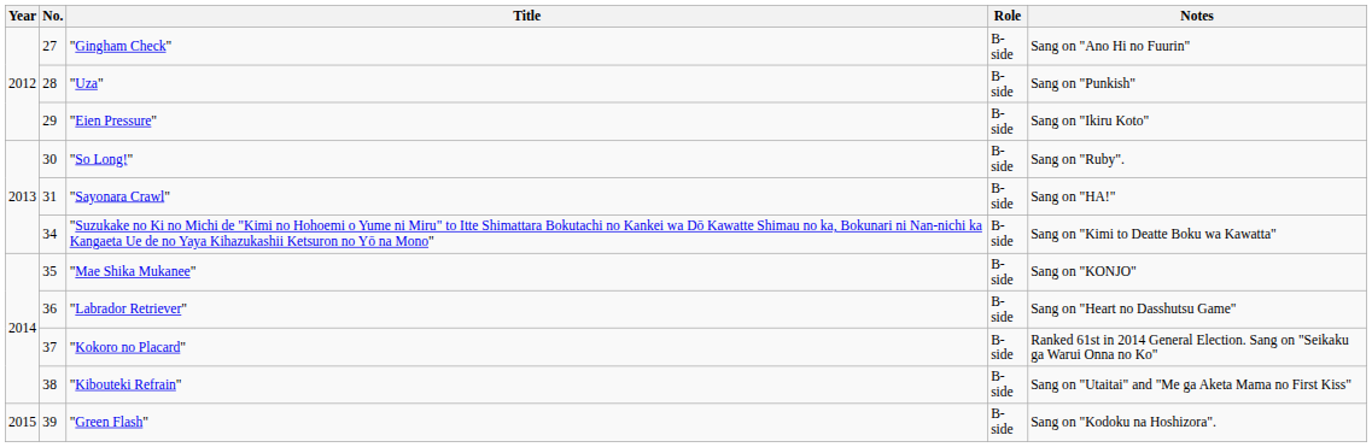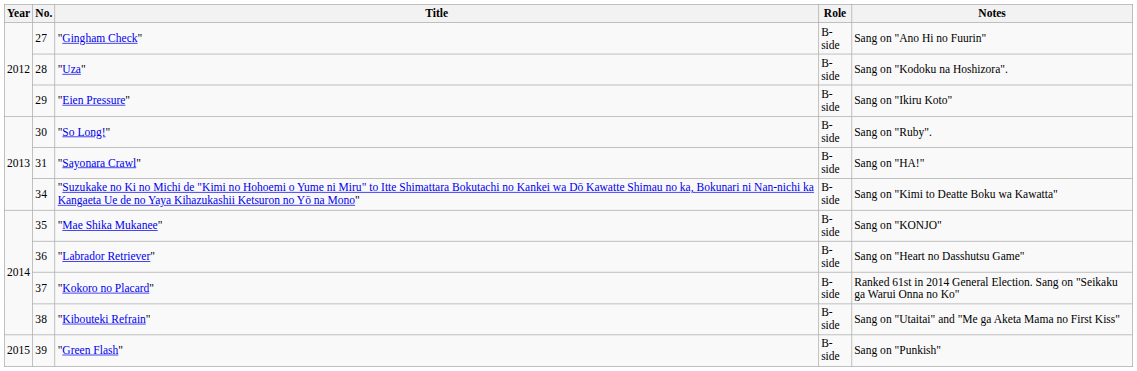 <table class="wikitable sortable">
 <tr>
 <th>Year</th>
 <th data-sort-type="number">No. </th>
 <th>Title </th>
 <th>Role </th>
 <th class="unsortable">Notes </th>
 </tr>
 <tr>
 <td rowspan="3">2012</td>
 <td>27</td>
 <td>"<a href='#'>Gingham Check</a>"</td>
 <td>B-side</td>
 <td>Sang on "Ano Hi no Fuurin"</td>
 </tr>
 <tr>
 <td>28</td>
 <td>"<a href='#'>Uza</a>"</td>
 <td>B-side</td>
-<td>Sang on "Punkish"</td>
+<td>Sang on "Kodoku na Hoshizora".</td>
 </tr>
 <tr>
 <td>29</td>
 <td>"<a href='#'>Eien Pressure</a>"</td>
 <td>B-side</td>
 <td>Sang on "Ikiru Koto"</td>
 </tr>
 <tr>
 <td rowspan="3">2013</td>
 <td>30</td>
 <td>"<a href='#'>So Long!</a>"</td>
 <td>B-side</td>
 <td>Sang on "Ruby".</td>
 </tr>
 <tr>
 <td>31</td>
 <td>"<a href='#'>Sayonara Crawl</a>"</td>
 <td>B-side</td>
 <td>Sang on "HA!"</td>
 </tr>
 <tr>
 <td>34</td>
 <td>"<a href='#'>Suzukake no Ki no Michi de "Kimi no Hohoemi o Yume ni Miru" to Itte Shimattara Bokutachi no Kankei wa Dō Kawatte Shimau no ka, Bokunari ni Nan-nichi ka Kangaeta Ue de no Yaya Kihazukashii Ketsuron no Yō na Mono</a>"</td>
 <td>B-side</td>
 <td>Sang on "Kimi to Deatte Boku wa Kawatta"</td>
 </tr>
 <tr>
 <td rowspan="4">2014</td>
 <td>35</td>
 <td>"<a href='#'>Mae Shika Mukanee</a>"</td>
 <td>B-side</td>
 <td>Sang on "KONJO"</td>
 </tr>
 <tr>
 <td>36</td>
 <td>"<a href='#'>Labrador Retriever</a>"</td>
 <td>B-side</td>
 <td>Sang on "Heart no Dasshutsu Game"</td>
 </tr>
 <tr>
 <td>37</td>
 <td>"<a href='#'>Kokoro no Placard</a>"</td>
 <td>B-side</td>
 <td>Ranked 61st in 2014 General Election. Sang on "Seikaku ga Warui Onna no Ko"</td>
 </tr>
 <tr>
 <td>38</td>
 <td>"<a href='#'>Kibouteki Refrain</a>"</td>
 <td>B-side</td>
 <td>Sang on "Utaitai" and "Me ga Aketa Mama no First Kiss"</td>
 </tr>
 <tr>
 <td rowspan="1">2015</td>
 <td>39</td>
 <td>"<a href='#'>Green Flash</a>"</td>
 <td>B-side</td>
-<td>Sang on "Kodoku na Hoshizora".</td>
+<td>Sang on "Punkish"</td>
 </tr>
 </table>
